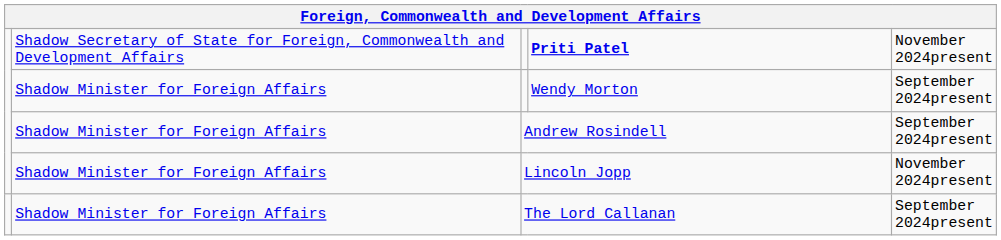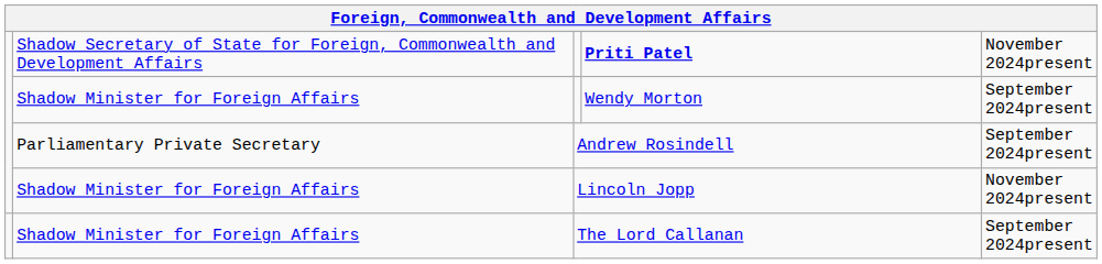 <table class="wikitable">
 <tr>
 <th colspan="5"><a href='#'>Foreign, Commonwealth and Development Affairs</a></th>
 </tr>
 <tr>
 <td rowspan="4" style="background: "></td>
 <td style="width: 450px;"><a href='#'>Shadow Secretary of State for Foreign, Commonwealth and Development Affairs</a></td>
 <td style="background: "></td>
 <td style="width: 320px;"><strong><a href='#'>Priti Patel</a></strong></td>
 <td>November 2024present</td>
 </tr>
 <tr>
 <td><a href='#'>Shadow Minister for Foreign Affairs</a></td>
 <td style="background: "></td>
 <td><a href='#'>Wendy Morton</a></td>
 <td>September 2024present</td>
 </tr>
 <tr>
-<td><a href='#'>Shadow Minister for Foreign Affairs</a></td>
+<td>Parliamentary Private Secretary</td>
 <td colspan="2"><a href='#'>Andrew Rosindell</a></td>
 <td>September 2024present</td>
 </tr>
 <tr>
 <td><a href='#'>Shadow Minister for Foreign Affairs</a></td>
 <td colspan="2"><a href='#'>Lincoln Jopp</a></td>
 <td>November 2024present</td>
 </tr>
 <tr>
 <td style="background: "></td>
 <td><a href='#'>Shadow Minister for Foreign Affairs</a></td>
 <td colspan="2"><a href='#'>The Lord Callanan</a></td>
 <td>September 2024present</td>
 </tr>
 </table>
